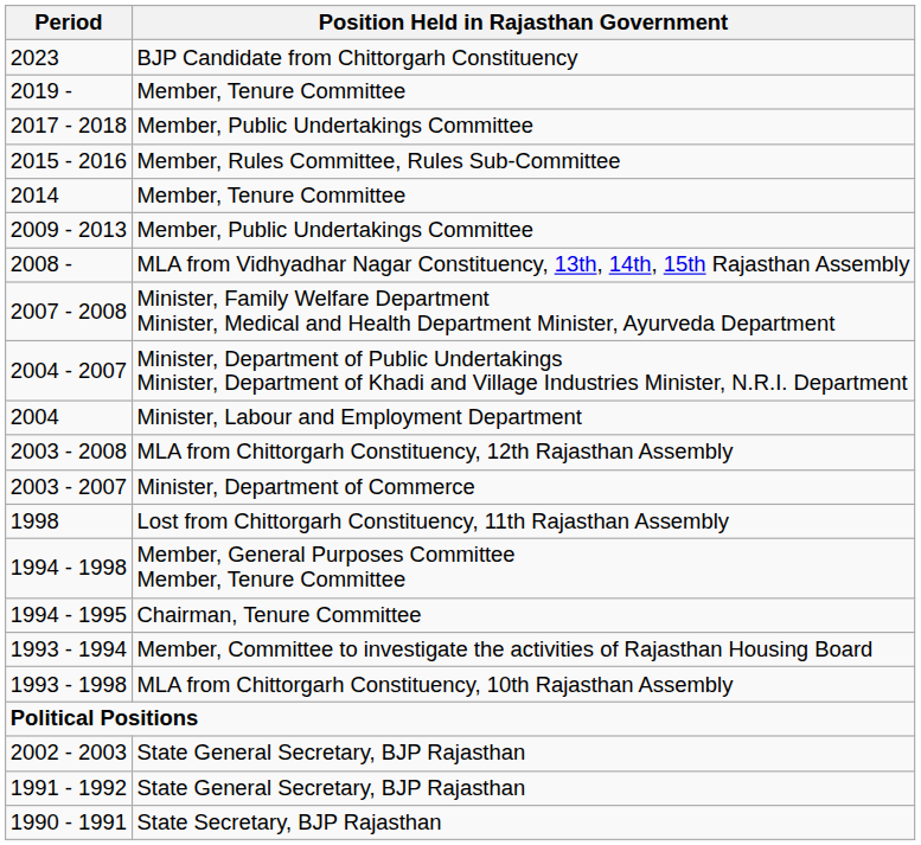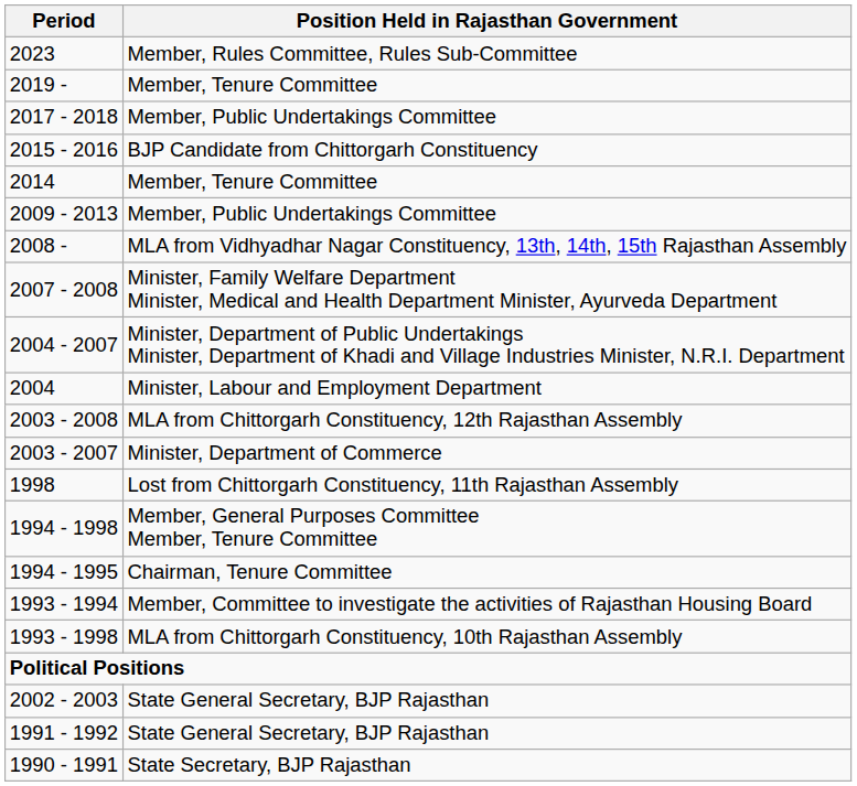 <table class="wikitable">
 <tr>
 <th>Period</th>
 <th>Position Held in Rajasthan Government</th>
 </tr>
 <tr>
 <td>2023</td>
-<td>BJP Candidate from Chittorgarh Constituency</td>
+<td>Member, Rules Committee, Rules Sub-Committee</td>
 </tr>
 <tr>
 <td>2019 -</td>
 <td>Member, Tenure Committee</td>
 </tr>
 <tr>
 <td>2017 - 2018</td>
 <td>Member, Public Undertakings Committee</td>
 </tr>
 <tr>
 <td>2015 - 2016</td>
-<td>Member, Rules Committee, Rules Sub-Committee</td>
+<td>BJP Candidate from Chittorgarh Constituency</td>
 </tr>
 <tr>
 <td>2014</td>
 <td>Member, Tenure Committee</td>
 </tr>
 <tr>
 <td>2009 - 2013</td>
 <td>Member, Public Undertakings Committee</td>
 </tr>
 <tr>
 <td>2008 -</td>
 <td>MLA from Vidhyadhar Nagar Constituency, <a href='#'>13th</a>, <a href='#'>14th</a>, <a href='#'>15th</a> Rajasthan Assembly</td>
 </tr>
 <tr>
 <td>2007 - 2008</td>
 <td>Minister, Family Welfare Department<br>Minister, Medical and Health Department Minister, Ayurveda Department</td>
 </tr>
 <tr>
 <td>2004 - 2007</td>
 <td>Minister, Department of Public Undertakings<br>Minister, Department of Khadi and Village Industries Minister, N.R.I. Department</td>
 </tr>
 <tr>
 <td>2004</td>
 <td>Minister, Labour and Employment Department</td>
 </tr>
 <tr>
 <td>2003 - 2008</td>
 <td>MLA from Chittorgarh Constituency, 12th Rajasthan Assembly</td>
 </tr>
 <tr>
 <td>2003 - 2007</td>
 <td>Minister, Department of Commerce</td>
 </tr>
 <tr>
 <td>1998</td>
 <td>Lost from Chittorgarh Constituency, 11th Rajasthan Assembly</td>
 </tr>
 <tr>
 <td>1994 - 1998</td>
 <td>Member, General Purposes Committee<br>Member, Tenure Committee</td>
 </tr>
 <tr>
 <td>1994 - 1995</td>
 <td>Chairman, Tenure Committee</td>
 </tr>
 <tr>
 <td>1993 - 1994</td>
 <td>Member, Committee to investigate the activities of Rajasthan Housing Board</td>
 </tr>
 <tr>
 <td>1993 -  1998</td>
 <td>MLA from Chittorgarh Constituency, 10th Rajasthan Assembly</td>
 </tr>
 <tr>
 <td colspan="2"><strong>Political Positions</strong></td>
 </tr>
 <tr>
 <td>2002 - 2003</td>
 <td>State General Secretary, BJP Rajasthan</td>
 </tr>
 <tr>
 <td>1991 - 1992</td>
 <td>State General Secretary, BJP Rajasthan</td>
 </tr>
 <tr>
 <td>1990 - 1991</td>
 <td>State Secretary, BJP Rajasthan</td>
 </tr>
 </table>
